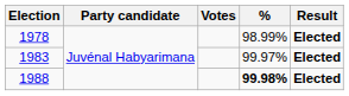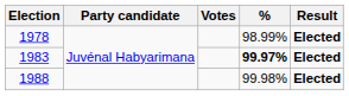 <table class=wikitable style=text-align:center>
 <tr>
 <th>Election</th>
 <th>Party candidate</th>
 <th>Votes</th>
 <th>%</th>
 <th>Result</th>
 </tr>
 <tr>
 <td><a href='#'>1978</a></td>
 <td rowspan="3"><a href='#'>Juvénal Habyarimana</a></td>
 <td></td>
 <td>98.99%</td>
 <td><strong>Elected</strong> </td>
 </tr>
 <tr>
 <td><a href='#'>1983</a></td>
 <td></td>
-<td>99.97%</td>
+<td><strong>99.97%</strong></td>
 <td><strong>Elected</strong> </td>
 </tr>
 <tr>
 <td><a href='#'>1988</a></td>
 <td></td>
-<td><strong>99.98%</strong></td>
+<td>99.98%</td>
 <td><strong>Elected</strong> </td>
 </tr>
 </table>
